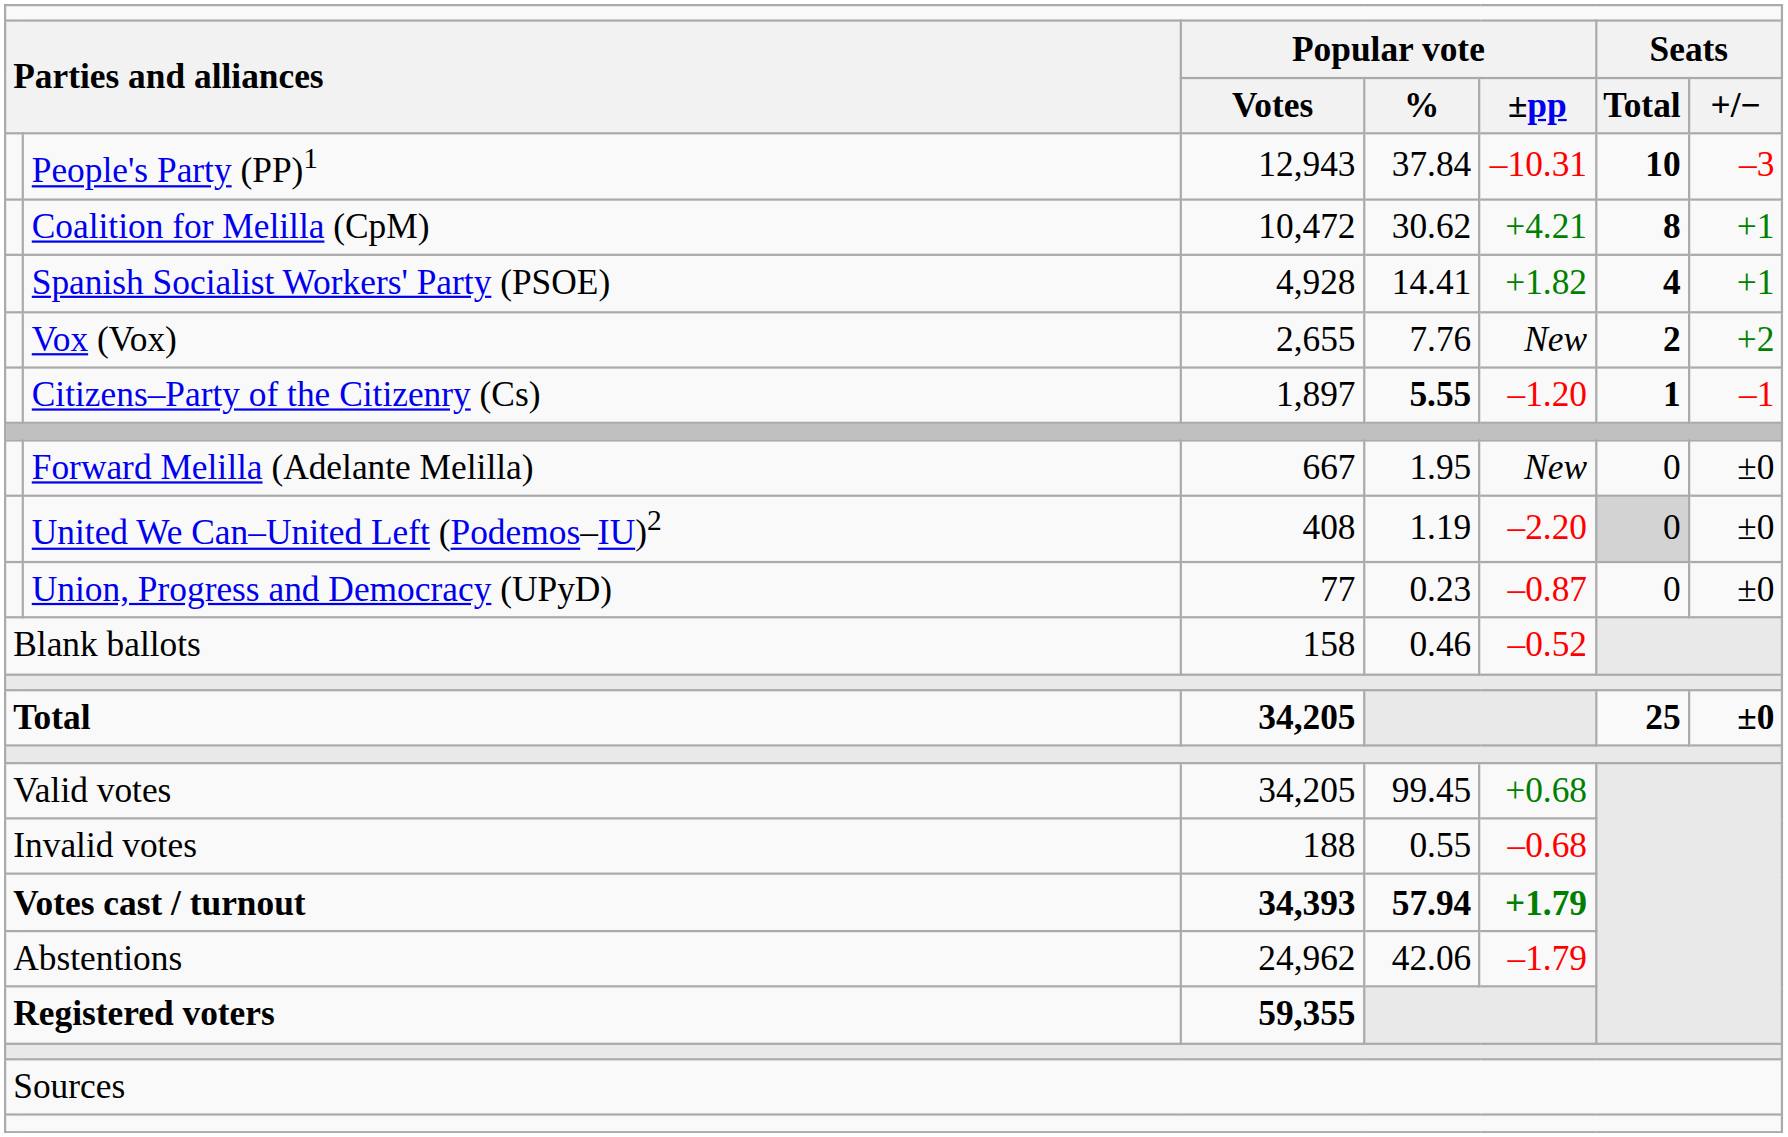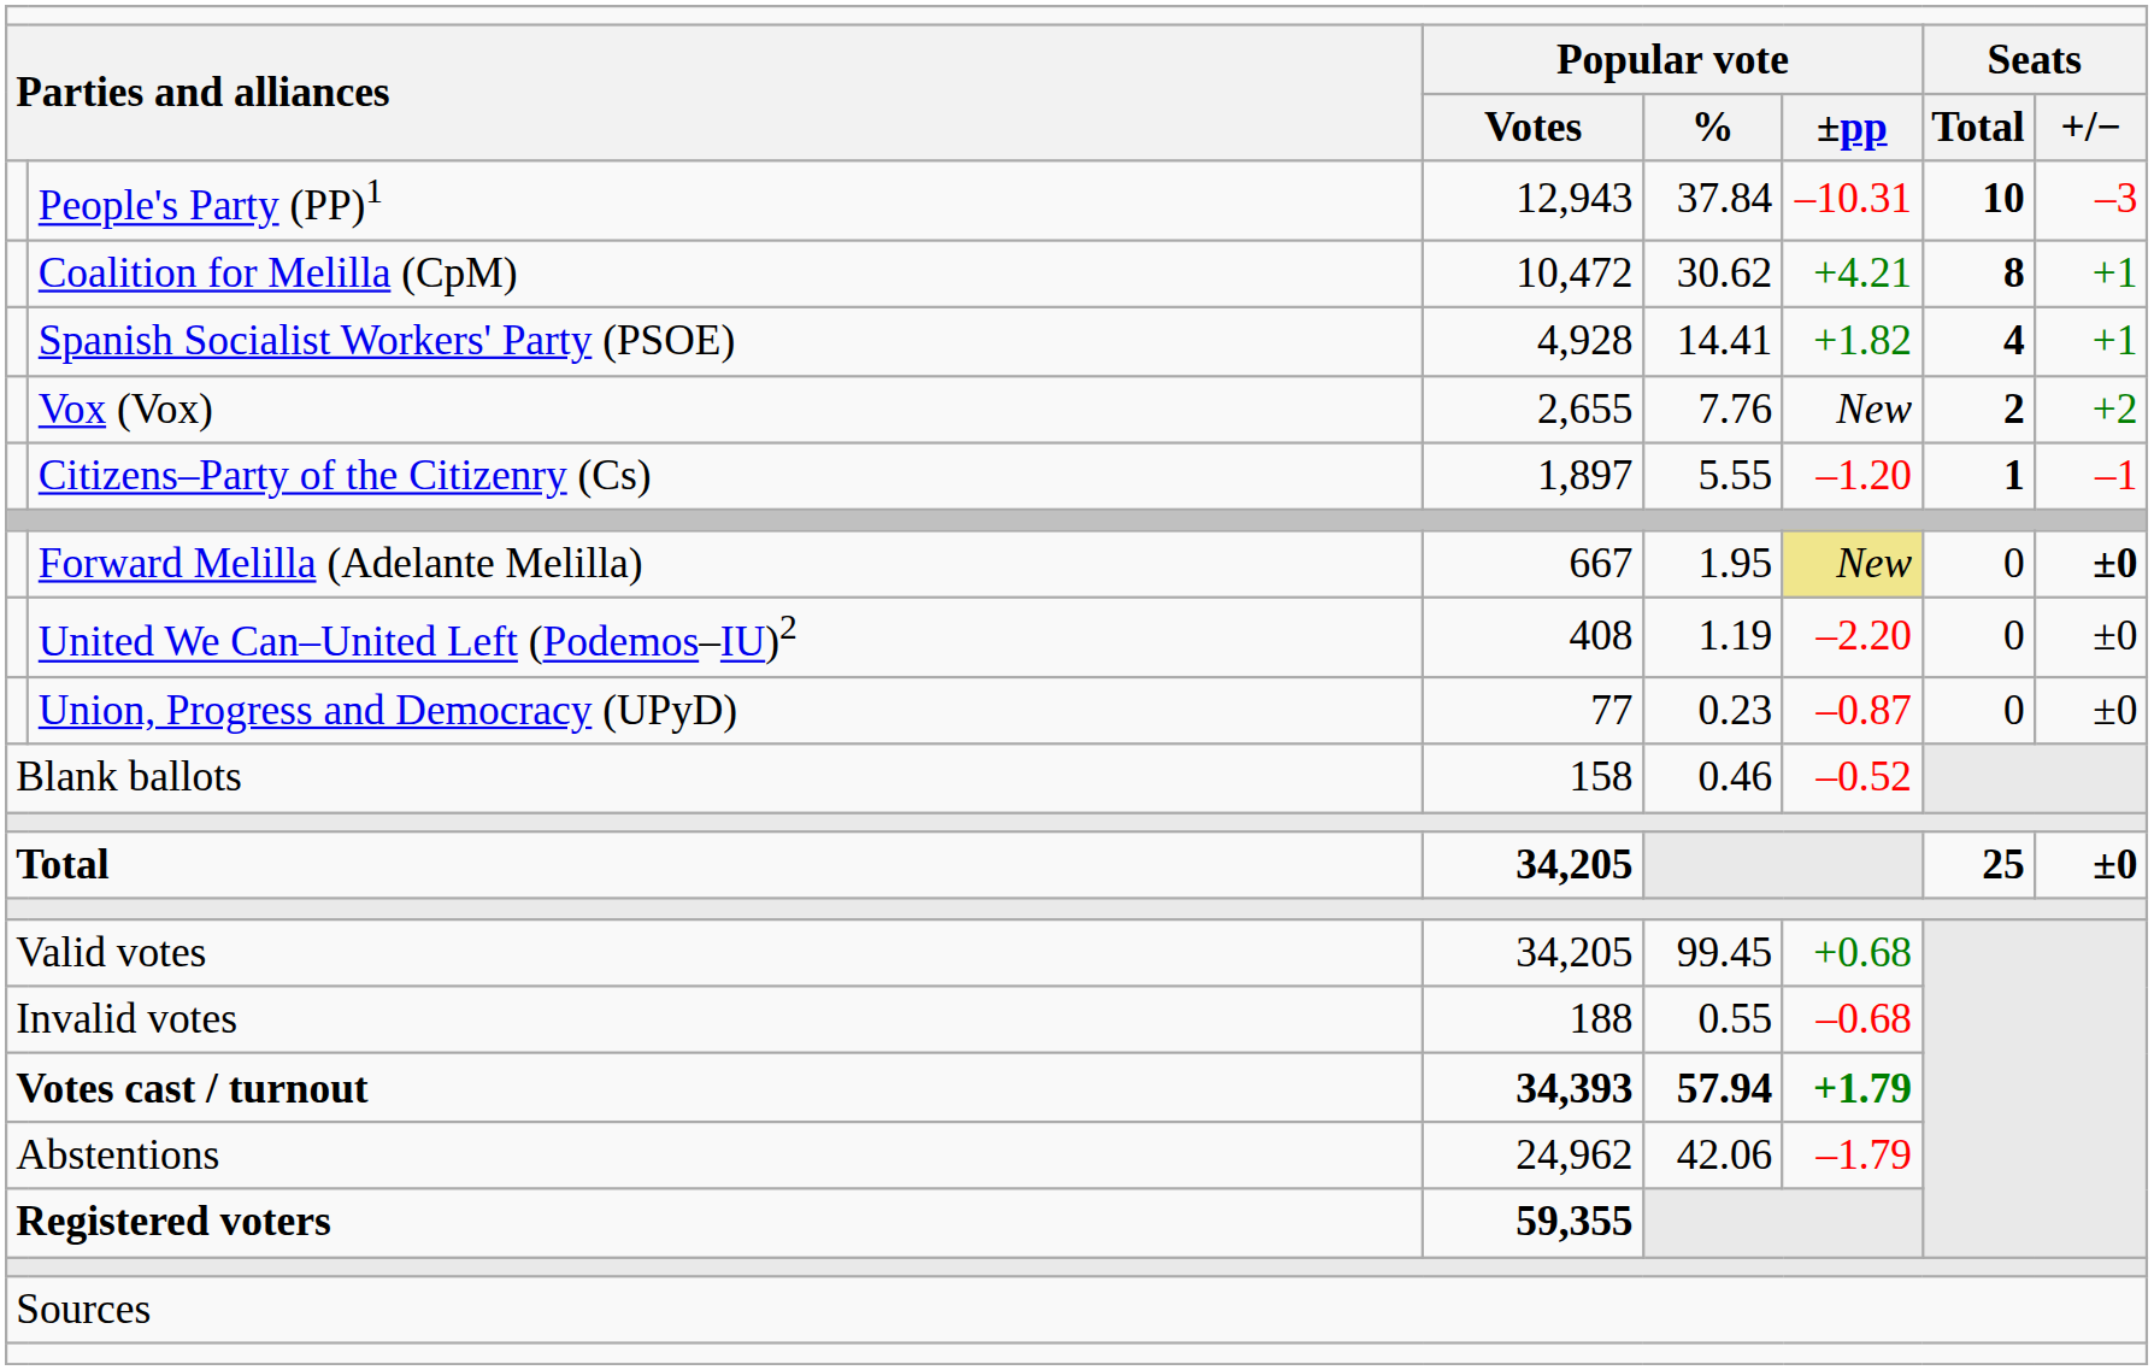 <table class="wikitable" style="text-align:right;">
 <tr>
 <td colspan="7"></td>
 </tr>
 <tr>
 <th style="text-align:left;" rowspan="2" colspan="2" width="525">Parties and alliances</th>
 <th colspan="3">Popular vote</th>
 <th colspan="2">Seats</th>
 </tr>
 <tr>
 <th width="75">Votes</th>
 <th width="45">%</th>
 <th width="45">±<a href='#'>pp</a></th>
 <th width="35">Total</th>
 <th width="35">+/−</th>
 </tr>
 <tr>
 <td width="1" style="color:inherit;background:"></td>
 <td align="left"><a href='#'>People's Party</a> (PP)<sup>1</sup></td>
 <td>12,943</td>
 <td>37.84</td>
 <td style="color:red;">–10.31</td>
 <td><strong>10</strong></td>
 <td style="color:red;">–3</td>
 </tr>
 <tr>
 <td style="color:inherit;background:"></td>
 <td align="left"><a href='#'>Coalition for Melilla</a> (CpM)</td>
 <td>10,472</td>
 <td>30.62</td>
 <td style="color:green;">+4.21</td>
 <td><strong>8</strong></td>
 <td style="color:green;">+1</td>
 </tr>
 <tr>
 <td style="color:inherit;background:"></td>
 <td align="left"><a href='#'>Spanish Socialist Workers' Party</a> (PSOE)</td>
 <td>4,928</td>
 <td>14.41</td>
 <td style="color:green;">+1.82</td>
 <td><strong>4</strong></td>
 <td style="color:green;">+1</td>
 </tr>
 <tr>
 <td style="color:inherit;background:"></td>
 <td align="left"><a href='#'>Vox</a> (Vox)</td>
 <td>2,655</td>
 <td>7.76</td>
 <td><em>New</em></td>
 <td><strong>2</strong></td>
 <td style="color:green;">+2</td>
 </tr>
 <tr>
 <td style="color:inherit;background:"></td>
 <td align="left"><a href='#'>Citizens–Party of the Citizenry</a> (Cs)</td>
 <td>1,897</td>
-<td><strong>5.55</strong></td>
+<td>5.55</td>
 <td style="color:red;">–1.20</td>
 <td><strong>1</strong></td>
 <td style="color:red;">–1</td>
 </tr>
 <tr>
 <td colspan="7" bgcolor="#C0C0C0"></td>
 </tr>
 <tr>
 <td style="color:inherit;background:"></td>
 <td align="left"><a href='#'>Forward Melilla</a> (Adelante Melilla)</td>
 <td>667</td>
 <td>1.95</td>
-<td><em>New</em></td>
+<td style="background: khaki;"><em>New</em></td>
 <td>0</td>
-<td>±0</td>
+<td><strong>±0</strong></td>
 </tr>
 <tr>
 <td style="color:inherit;background:"></td>
 <td align="left"><a href='#'>United We Can–United Left</a> (<a href='#'>Podemos</a>–<a href='#'>IU</a>)<sup>2</sup></td>
 <td>408</td>
 <td>1.19</td>
 <td style="color:red;">–2.20</td>
-<td style="background: lightgrey;">0</td>
+<td>0</td>
 <td>±0</td>
 </tr>
 <tr>
 <td style="color:inherit;background:"></td>
 <td align="left"><a href='#'>Union, Progress and Democracy</a> (UPyD)</td>
 <td>77</td>
 <td>0.23</td>
 <td style="color:red;">–0.87</td>
 <td>0</td>
 <td>±0</td>
 </tr>
 <tr>
 <td align="left" colspan="2">Blank ballots</td>
 <td>158</td>
 <td>0.46</td>
 <td style="color:red;">–0.52</td>
 <td bgcolor="#E9E9E9" colspan="2"></td>
 </tr>
 <tr>
 <td colspan="7" bgcolor="#E9E9E9"></td>
 </tr>
 <tr style="font-weight:bold;">
 <td align="left" colspan="2">Total</td>
 <td>34,205</td>
 <td bgcolor="#E9E9E9" colspan="2"></td>
 <td>25</td>
 <td>±0</td>
 </tr>
 <tr>
 <td colspan="7" bgcolor="#E9E9E9"></td>
 </tr>
 <tr>
 <td align="left" colspan="2">Valid votes</td>
 <td>34,205</td>
 <td>99.45</td>
 <td style="color:green;">+0.68</td>
 <td bgcolor="#E9E9E9" colspan="2" rowspan="5"></td>
 </tr>
 <tr>
 <td align="left" colspan="2">Invalid votes</td>
 <td>188</td>
 <td>0.55</td>
 <td style="color:red;">–0.68</td>
 </tr>
 <tr style="font-weight:bold;">
 <td align="left" colspan="2">Votes cast / turnout</td>
 <td>34,393</td>
 <td>57.94</td>
 <td style="color:green;">+1.79</td>
 </tr>
 <tr>
 <td align="left" colspan="2">Abstentions</td>
 <td>24,962</td>
 <td>42.06</td>
 <td style="color:red;">–1.79</td>
 </tr>
 <tr style="font-weight:bold;">
 <td align="left" colspan="2">Registered voters</td>
 <td>59,355</td>
 <td bgcolor="#E9E9E9" colspan="2"></td>
 </tr>
 <tr>
 <td colspan="7" bgcolor="#E9E9E9"></td>
 </tr>
 <tr>
 <td align="left" colspan="7">Sources</td>
 </tr>
 <tr>
 <td colspan="7" style="text-align:left; max-width:790px;"></td>
 </tr>
 </table>
